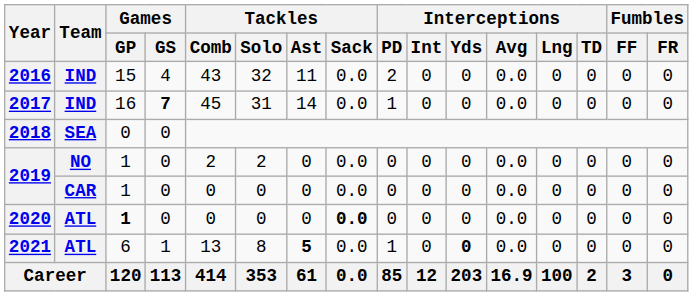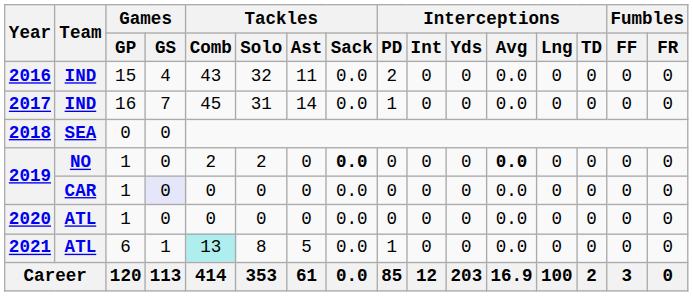 <table class="wikitable" style="text-align:center;">
 <tr>
 <th rowspan="2">Year</th>
 <th rowspan="2">Team</th>
 <th colspan="2">Games</th>
 <th colspan="4">Tackles</th>
 <th colspan="6">Interceptions</th>
 <th colspan="2">Fumbles</th>
 </tr>
 <tr>
 <th>GP</th>
 <th>GS</th>
 <th>Comb</th>
 <th>Solo</th>
 <th>Ast</th>
 <th>Sack</th>
 <th>PD</th>
 <th>Int</th>
 <th>Yds</th>
 <th>Avg</th>
 <th>Lng</th>
 <th>TD</th>
 <th>FF</th>
 <th>FR</th>
 </tr>
 <tr>
 <th><a href='#'>2016</a></th>
 <th><a href='#'>IND</a></th>
 <td>15</td>
 <td>4</td>
 <td>43</td>
 <td>32</td>
 <td>11</td>
 <td>0.0</td>
 <td>2</td>
 <td>0</td>
 <td>0</td>
 <td>0.0</td>
 <td>0</td>
 <td>0</td>
 <td>0</td>
 <td>0</td>
 </tr>
 <tr>
 <th><a href='#'>2017</a></th>
 <th><a href='#'>IND</a></th>
 <td>16</td>
-<td><strong>7</strong></td>
+<td>7</td>
 <td>45</td>
 <td>31</td>
 <td>14</td>
 <td>0.0</td>
 <td>1</td>
 <td>0</td>
 <td>0</td>
 <td>0.0</td>
 <td>0</td>
 <td>0</td>
 <td>0</td>
 <td>0</td>
 </tr>
 <tr>
 <th><a href='#'>2018</a></th>
 <th><a href='#'>SEA</a></th>
 <td>0</td>
 <td>0</td>
 <td colspan="16"></td>
 </tr>
 <tr>
 <th rowspan="2"><a href='#'>2019</a></th>
 <th><a href='#'>NO</a></th>
 <td>1</td>
 <td>0</td>
 <td>2</td>
 <td>2</td>
 <td>0</td>
+<td><strong>0.0</strong></td>
+<td>0</td>
+<td>0</td>
+<td>0</td>
+<td><strong>0.0</strong></td>
+<td>0</td>
+<td>0</td>
+<td>0</td>
+<td>0</td>
+</tr>
+<tr>
+<th><a href='#'>CAR</a></th>
+<td>1</td>
+<td style="background: lavender;">0</td>
+<td>0</td>
+<td>0</td>
+<td>0</td>
 <td>0.0</td>
 <td>0</td>
 <td>0</td>
 <td>0</td>
 <td>0.0</td>
 <td>0</td>
 <td>0</td>
 <td>0</td>
 <td>0</td>
 </tr>
 <tr>
-<th><a href='#'>CAR</a></th>
+<th><a href='#'>2020</a></th>
+<th><a href='#'>ATL</a></th>
 <td>1</td>
 <td>0</td>
 <td>0</td>
 <td>0</td>
 <td>0</td>
 <td>0.0</td>
 <td>0</td>
 <td>0</td>
 <td>0</td>
 <td>0.0</td>
 <td>0</td>
 <td>0</td>
 <td>0</td>
 <td>0</td>
 </tr>
 <tr>
-<th><a href='#'>2020</a></th>
-<th><a href='#'>ATL</a></th>
-<td><strong>1</strong></td>
-<td>0</td>
-<td>0</td>
-<td>0</td>
-<td>0</td>
-<td><strong>0.0</strong></td>
-<td>0</td>
-<td>0</td>
-<td>0</td>
-<td>0.0</td>
-<td>0</td>
-<td>0</td>
-<td>0</td>
-<td>0</td>
-</tr>
-<tr>
 <th><a href='#'>2021</a></th>
 <th><a href='#'>ATL</a></th>
 <td>6</td>
 <td>1</td>
-<td>13</td>
+<td style="background: paleturquoise;">13</td>
 <td>8</td>
-<td><strong>5</strong></td>
+<td>5</td>
 <td>0.0</td>
 <td>1</td>
 <td>0</td>
-<td><strong>0</strong></td>
+<td>0</td>
 <td>0.0</td>
 <td>0</td>
 <td>0</td>
 <td>0</td>
 <td>0</td>
 </tr>
 <tr>
 <th colspan="2">Career</th>
 <th>120</th>
 <th>113</th>
 <th>414</th>
 <th>353</th>
 <th>61</th>
 <th>0.0</th>
 <th>85</th>
 <th>12</th>
 <th>203</th>
 <th>16.9</th>
 <th>100</th>
 <th>2</th>
 <th>3</th>
 <th>0</th>
 </tr>
 </table>
